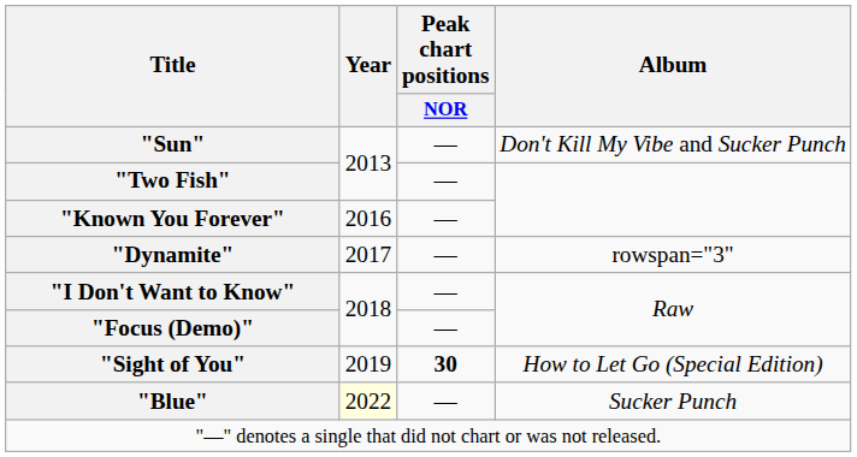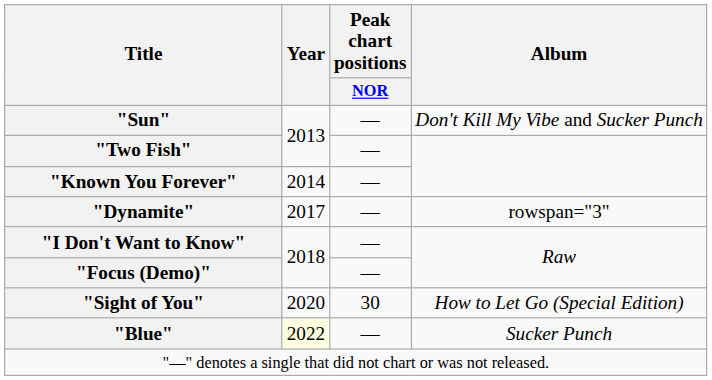 <table class="wikitable plainrowheaders" style="text-align:center;">
 <tr>
 <th scope="col" rowspan="2" style="width:14em;">Title</th>
 <th scope="col" rowspan="2" style="width:1em;">Year</th>
 <th scope="col" colspan="1">Peak chart positions</th>
 <th scope="col" rowspan="2">Album</th>
 </tr>
 <tr>
 <th scope="col" style="width:3em;font-size:85%;"><a href='#'>NOR</a><br></th>
 </tr>
 <tr>
 <th scope="row">"Sun"</th>
 <td rowspan="2">2013</td>
 <td>—</td>
 <td><em>Don't Kill My Vibe</em> and <em>Sucker Punch</em></td>
 </tr>
 <tr>
 <th scope="row">"Two Fish"</th>
 <td>—</td>
 </tr>
 <tr>
 <th scope="row">"Known You Forever"</th>
-<td>2016</td>
+<td>2014</td>
 <td>—</td>
 </tr>
 <tr>
 <th scope="row">"Dynamite"</th>
 <td>2017</td>
 <td>—</td>
 <td>rowspan="3" </td>
 </tr>
 <tr>
 <th scope="row">"I Don't Want to Know"</th>
 <td rowspan="2">2018</td>
 <td>—</td>
 <td rowspan="2"><em>Raw</em></td>
 </tr>
 <tr>
 <th scope="row">"Focus (Demo)"</th>
 <td>—</td>
 </tr>
 <tr>
 <th scope="row">"Sight of You"</th>
-<td>2019</td>
-<td><strong>30</strong></td>
+<td>2020</td>
+<td>30</td>
 <td><em>How to Let Go (Special Edition)</em></td>
 </tr>
 <tr>
 <th scope="row">"Blue"</th>
 <td style="background: lightyellow;">2022</td>
 <td>—</td>
 <td><em>Sucker Punch</em></td>
 </tr>
 <tr>
 <td colspan="13" style="text-align:center; font-size:85%;">"—" denotes a single that did not chart or was not released.</td>
 </tr>
 </table>
